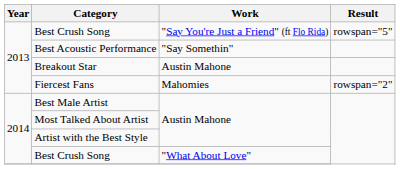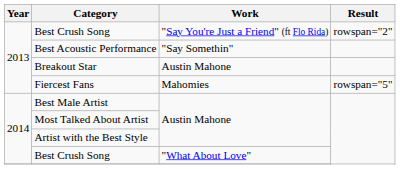 <table class="wikitable">
 <tr>
 <th>Year</th>
 <th>Category</th>
 <th>Work</th>
 <th>Result</th>
 </tr>
 <tr>
 <td rowspan="4">2013</td>
 <td>Best Crush Song</td>
 <td>"<a href='#'>Say You're Just a Friend</a>" <small> (ft <a href='#'>Flo Rida</a>)</small></td>
-<td>rowspan="5" </td>
+<td>rowspan="2" </td>
 </tr>
 <tr>
 <td>Best Acoustic Performance</td>
 <td>"Say Somethin"</td>
 </tr>
 <tr>
 <td>Breakout Star</td>
 <td>Austin Mahone</td>
 <td></td>
 </tr>
 <tr>
 <td>Fiercest Fans</td>
 <td>Mahomies</td>
-<td>rowspan="2" </td>
+<td>rowspan="5" </td>
 </tr>
 <tr>
 <td rowspan="4">2014</td>
 <td>Best Male Artist</td>
 <td rowspan="3">Austin Mahone</td>
 </tr>
 <tr>
 <td>Most Talked About Artist</td>
 </tr>
 <tr>
 <td>Artist with the Best Style</td>
 </tr>
 <tr>
 <td>Best Crush Song</td>
 <td>"<a href='#'>What About Love</a>"</td>
 </tr>
 <tr>
 </tr>
 </table>
